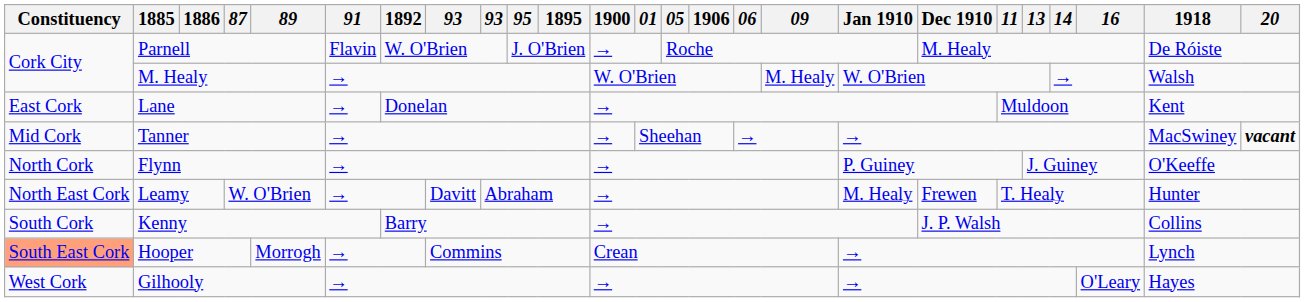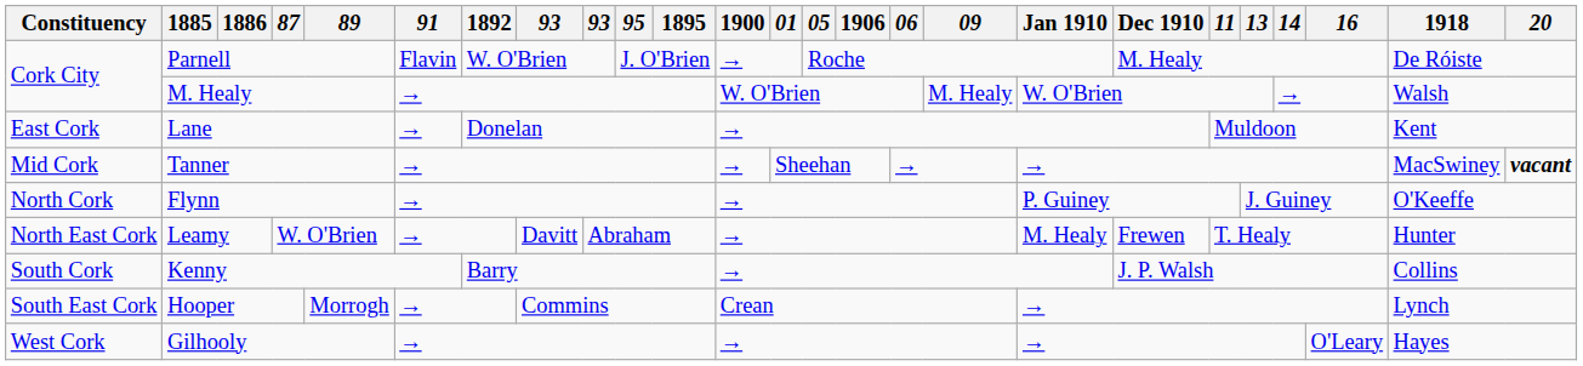 <table class="wikitable">
 <tr>
 <th>Constituency</th>
 <th>1885</th>
 <th>1886</th>
 <th><em>87</em></th>
 <th><em>89</em></th>
 <th><em>91</em></th>
 <th>1892</th>
 <th><em>93</em></th>
 <th><em>93</em></th>
 <th><em>95</em></th>
 <th>1895</th>
 <th>1900</th>
 <th><em>01</em></th>
 <th><em>05</em></th>
 <th>1906</th>
 <th><em>06</em></th>
 <th><em>09</em></th>
 <th>Jan 1910</th>
 <th>Dec 1910</th>
 <th><em>11</em></th>
 <th><em>13</em></th>
 <th><em>14</em></th>
 <th><em>16</em></th>
 <th>1918</th>
 <th><em>20</em></th>
 </tr>
 <tr>
 <td rowspan="2"><a href='#'>Cork City</a></td>
 <td colspan="4"><a href='#'>Parnell</a></td>
 <td><a href='#'>Flavin</a></td>
 <td colspan="3"><a href='#'>W. O'Brien</a></td>
 <td colspan="2"><a href='#'>J. O'Brien</a></td>
 <td colspan="2"><a href='#'>→</a></td>
 <td colspan="5"><a href='#'>Roche</a></td>
 <td colspan="5"><a href='#'>M. Healy</a></td>
 <td colspan="2"><a href='#'>De Róiste</a></td>
 </tr>
 <tr>
 <td colspan="4"><a href='#'>M. Healy</a></td>
 <td colspan="6"><a href='#'>→</a></td>
 <td colspan="5"><a href='#'>W. O'Brien</a></td>
 <td><a href='#'>M. Healy</a></td>
 <td colspan="4"><a href='#'>W. O'Brien</a></td>
 <td colspan="2"><a href='#'>→</a></td>
 <td colspan="2"><a href='#'>Walsh</a></td>
 </tr>
 <tr>
 <td><a href='#'>East Cork</a></td>
 <td colspan="4"><a href='#'>Lane</a></td>
 <td><a href='#'>→</a></td>
 <td colspan="5"><a href='#'>Donelan</a></td>
 <td colspan="8"><a href='#'>→</a></td>
 <td colspan="4"><a href='#'>Muldoon</a></td>
 <td colspan="2"><a href='#'>Kent</a></td>
 </tr>
 <tr>
 <td><a href='#'>Mid Cork</a></td>
 <td colspan="4"><a href='#'>Tanner</a></td>
 <td colspan="6"><a href='#'>→</a></td>
 <td><a href='#'>→</a></td>
 <td colspan="3"><a href='#'>Sheehan</a></td>
 <td colspan="2"><a href='#'>→</a></td>
 <td colspan="6"><a href='#'>→</a></td>
 <td><a href='#'>MacSwiney</a></td>
 <td><strong><em>vacant</em></strong></td>
 </tr>
 <tr>
 <td><a href='#'>North Cork</a></td>
 <td colspan="4"><a href='#'>Flynn</a></td>
 <td colspan="6"><a href='#'>→</a></td>
 <td colspan="6"><a href='#'>→</a></td>
 <td colspan="3"><a href='#'>P. Guiney</a></td>
 <td colspan="3"><a href='#'>J. Guiney</a></td>
 <td colspan="2"><a href='#'>O'Keeffe</a></td>
 </tr>
 <tr>
 <td><a href='#'>North East Cork</a></td>
 <td colspan="2"><a href='#'>Leamy</a></td>
 <td colspan="2"><a href='#'>W. O'Brien</a></td>
 <td colspan="2"><a href='#'>→</a></td>
 <td><a href='#'>Davitt</a></td>
 <td colspan="3"><a href='#'>Abraham</a></td>
 <td colspan="6"><a href='#'>→</a></td>
 <td><a href='#'>M. Healy</a></td>
 <td><a href='#'>Frewen</a></td>
 <td colspan="4"><a href='#'>T. Healy</a></td>
 <td colspan="2"><a href='#'>Hunter</a></td>
 </tr>
 <tr>
 <td><a href='#'>South Cork</a></td>
 <td colspan="5"><a href='#'>Kenny</a></td>
 <td colspan="5"><a href='#'>Barry</a></td>
 <td colspan="7"><a href='#'>→</a></td>
 <td colspan="5"><a href='#'>J. P. Walsh</a></td>
 <td colspan="2"><a href='#'>Collins</a></td>
 </tr>
 <tr>
-<td style="background: lightsalmon;"><a href='#'>South East Cork</a></td>
+<td><a href='#'>South East Cork</a></td>
 <td colspan="3"><a href='#'>Hooper</a></td>
 <td><a href='#'>Morrogh</a></td>
 <td colspan="2"><a href='#'>→</a></td>
 <td colspan="4"><a href='#'>Commins</a></td>
 <td colspan="6"><a href='#'>Crean</a></td>
 <td colspan="6"><a href='#'>→</a></td>
 <td colspan="2"><a href='#'>Lynch</a></td>
 </tr>
 <tr>
 <td><a href='#'>West Cork</a></td>
 <td colspan="4"><a href='#'>Gilhooly</a></td>
 <td colspan="6"><a href='#'>→</a></td>
 <td colspan="6"><a href='#'>→</a></td>
 <td colspan="5"><a href='#'>→</a></td>
 <td><a href='#'>O'Leary</a></td>
 <td colspan="2"><a href='#'>Hayes</a></td>
 </tr>
 </table>
